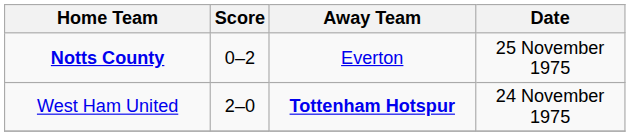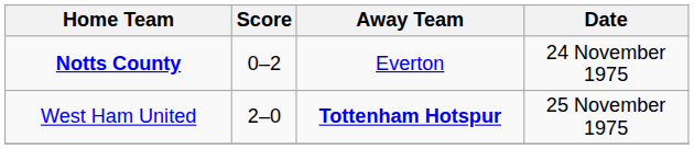 <table class="wikitable" style="text-align:center;">
 <tr>
 <th width=175>Home Team</th>
 <th width=20>Score</th>
 <th width=175>Away Team</th>
 <th width= 125>Date</th>
 </tr>
 <tr>
 <td><strong><a href='#'>Notts County</a></strong></td>
 <td>0–2</td>
 <td><a href='#'>Everton</a></td>
-<td>25 November 1975</td>
+<td>24 November 1975</td>
 </tr>
 <tr>
 <td><a href='#'>West Ham United</a></td>
 <td>2–0</td>
 <td><strong><a href='#'>Tottenham Hotspur</a></strong></td>
-<td>24 November 1975</td>
+<td>25 November 1975</td>
 </tr>
 <tr>
 </tr>
 </table>
